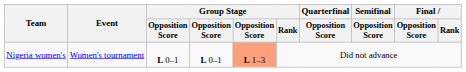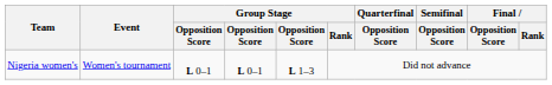 <table class="wikitable" style="font-size:90%">
 <tr>
 <th rowspan=2>Team</th>
 <th rowspan=2>Event</th>
 <th colspan=4>Group Stage</th>
 <th>Quarterfinal</th>
 <th>Semifinal</th>
 <th colspan=2>Final / </th>
 </tr>
 <tr style="font-size:95%">
 <th>Opposition<br>Score</th>
 <th>Opposition<br>Score</th>
 <th>Opposition<br>Score</th>
 <th>Rank</th>
 <th>Opposition<br>Score</th>
 <th>Opposition<br>Score</th>
 <th>Opposition<br>Score</th>
 <th>Rank</th>
 </tr>
 <tr align=center>
 <td align=left><a href='#'>Nigeria women's</a></td>
 <td align=left><a href='#'>Women's tournament</a></td>
 <td><br> <strong>L</strong> 0–1</td>
 <td><br> <strong>L</strong> 0–1</td>
-<td style="background: lightsalmon;"><br> <strong>L</strong> 1–3</td>
+<td><br> <strong>L</strong> 1–3</td>
 <td colspan=5>Did not advance</td>
 </tr>
 </table>
